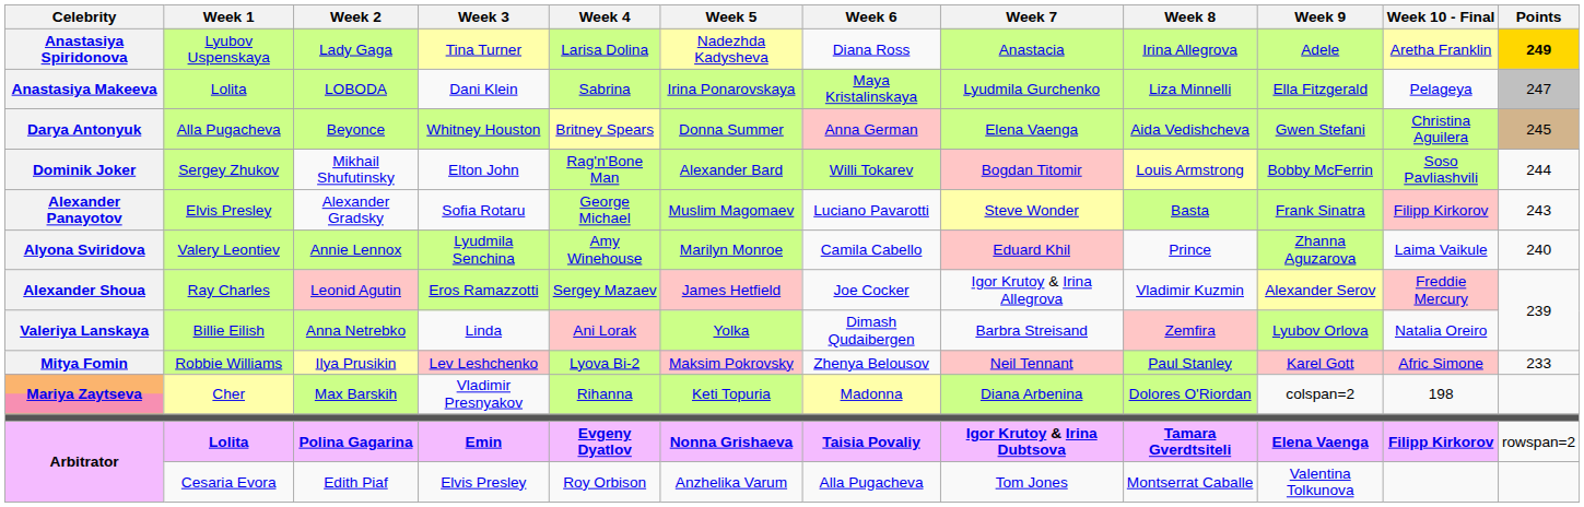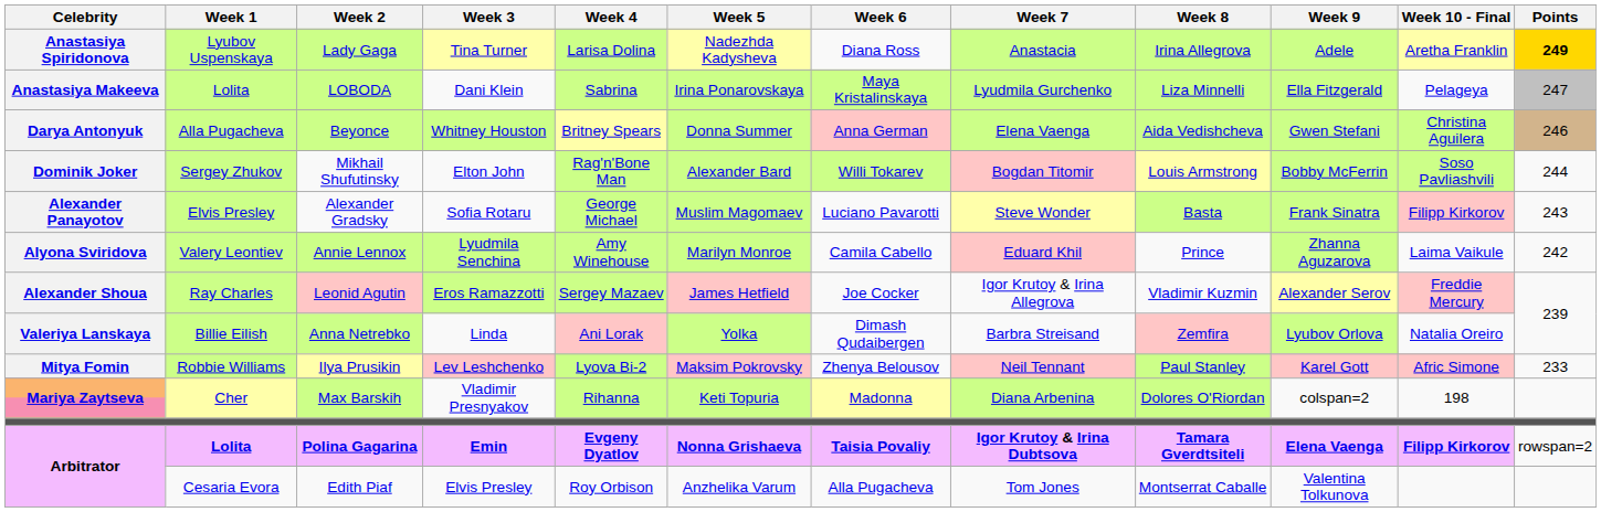 <table class="wikitable" style="text-align:center; font-size:90%; line-height:16px;" width="120%">
 <tr>
 <th>Celebrity</th>
 <th>Week 1</th>
 <th>Week 2</th>
 <th>Week 3</th>
 <th>Week 4</th>
 <th>Week 5</th>
 <th>Week 6</th>
 <th>Week 7</th>
 <th>Week 8</th>
 <th>Week 9</th>
 <th>Week 10 - Final</th>
 <th>Points</th>
 </tr>
 <tr>
 <th><a href='#'>Anastasiya Spiridonova</a></th>
 <td style="background:#ccff88;"><a href='#'>Lyubov Uspenskaya</a></td>
 <td style="background:#ccff88;"><a href='#'>Lady Gaga</a></td>
 <td style="background:#ffffaa;"><a href='#'>Tina Turner</a></td>
 <td style="background:#ccff88;"><a href='#'>Larisa Dolina</a></td>
 <td style="background:#ffffaa;"><a href='#'>Nadezhda Kadysheva</a></td>
 <td><a href='#'>Diana Ross</a></td>
 <td style="background:#ccff88;"><a href='#'>Anastacia</a></td>
 <td style="background:#ccff88;"><a href='#'>Irina Allegrova</a></td>
 <td style="background:#ccff88;"><a href='#'>Adele</a></td>
 <td style="background:#ffffaa;"><a href='#'>Aretha Franklin</a></td>
 <td style="background:gold;"><strong>249</strong></td>
 </tr>
 <tr>
 <th><a href='#'>Anastasiya Makeeva</a></th>
 <td style="background:#ccff88;"><a href='#'>Lolita</a></td>
 <td style="background:#ccff88;"><a href='#'>LOBODA</a></td>
 <td><a href='#'>Dani Klein</a></td>
 <td style="background:#ccff88;"><a href='#'>Sabrina</a></td>
 <td style="background:#ccff88;"><a href='#'>Irina Ponarovskaya</a></td>
 <td style="background:#ccff88;"><a href='#'>Maya Kristalinskaya</a></td>
 <td style="background:#ccff88;"><a href='#'>Lyudmila Gurchenko</a></td>
 <td style="background:#ccff88;"><a href='#'>Liza Minnelli</a></td>
 <td style="background:#ccff88;"><a href='#'>Ella Fitzgerald</a></td>
 <td><a href='#'>Pelageya</a></td>
 <td style="background:silver;">247</td>
 </tr>
 <tr>
 <th><a href='#'>Darya Antonyuk</a></th>
 <td style="background:#ccff88;"><a href='#'>Alla Pugacheva</a></td>
 <td style="background:#ccff88;"><a href='#'>Beyonce</a></td>
 <td style="background:#ccff88;"><a href='#'>Whitney Houston</a></td>
 <td style="background:#ffffaa;"><a href='#'>Britney Spears</a></td>
 <td style="background:#ccff88;"><a href='#'>Donna Summer</a></td>
 <td style="background:#ffc6c6;"><a href='#'>Anna German</a></td>
 <td style="background:#ccff88;"><a href='#'>Elena Vaenga</a></td>
 <td style="background:#ccff88;"><a href='#'>Aida Vedishcheva</a></td>
 <td style="background:#ccff88;"><a href='#'>Gwen Stefani</a></td>
 <td style="background:#ccff88;"><a href='#'>Christina Aguilera</a></td>
-<td style="background:tan;">245</td>
+<td style="background:tan;">246</td>
 </tr>
 <tr>
 <th><a href='#'>Dominik Joker</a></th>
 <td style="background:#ccff88;"><a href='#'>Sergey Zhukov</a></td>
 <td><a href='#'>Mikhail Shufutinsky</a></td>
 <td><a href='#'>Elton John</a></td>
 <td style="background:#ccff88;"><a href='#'>Rag'n'Bone Man</a></td>
 <td style="background:#ccff88;"><a href='#'>Alexander Bard</a></td>
 <td style="background:#ccff88;"><a href='#'>Willi Tokarev</a></td>
 <td style="background:#ffc6c6;"><a href='#'>Bogdan Titomir</a></td>
 <td style="background:#ffffaa;"><a href='#'>Louis Armstrong</a></td>
 <td style="background:#ccff88;"><a href='#'>Bobby McFerrin</a></td>
 <td style="background:#ccff88;"><a href='#'>Soso Pavliashvili</a></td>
 <td>244</td>
 </tr>
 <tr>
 <th><a href='#'>Alexander Panayotov</a></th>
 <td style="background:#ccff88;"><a href='#'>Elvis Presley</a></td>
 <td><a href='#'>Alexander Gradsky</a></td>
 <td><a href='#'>Sofia Rotaru</a></td>
 <td style="background:#ccff88;"><a href='#'>George Michael</a></td>
 <td style="background:#ccff88;"><a href='#'>Muslim Magomaev</a></td>
 <td><a href='#'>Luciano Pavarotti</a></td>
 <td style="background:#ffffaa;"><a href='#'>Steve Wonder</a></td>
 <td style="background:#ccff88;"><a href='#'>Basta</a></td>
 <td style="background:#ccff88;"><a href='#'>Frank Sinatra</a></td>
 <td style="background:#ffc6c6;"><a href='#'>Filipp Kirkorov</a></td>
 <td>243</td>
 </tr>
 <tr>
 <th><a href='#'>Alyona Sviridova</a></th>
 <td style="background:#ccff88;"><a href='#'>Valery Leontiev</a></td>
 <td style="background:#ccff88;"><a href='#'>Annie Lennox</a></td>
 <td style="background:#ccff88;"><a href='#'>Lyudmila Senchina</a></td>
 <td style="background:#ccff88;"><a href='#'>Amy Winehouse</a></td>
 <td style="background:#ccff88;"><a href='#'>Marilyn Monroe</a></td>
 <td><a href='#'>Camila Cabello</a></td>
 <td style="background:#ffc6c6;"><a href='#'>Eduard Khil</a></td>
 <td><a href='#'>Prince</a></td>
 <td style="background:#ccff88;"><a href='#'>Zhanna Aguzarova</a></td>
 <td><a href='#'>Laima Vaikule</a></td>
-<td>240</td>
+<td>242</td>
 </tr>
 <tr>
 <th><a href='#'>Alexander Shoua</a></th>
 <td style="background:#ccff88;"><a href='#'>Ray Charles</a></td>
 <td style="background:#ffc6c6;"><a href='#'>Leonid Agutin</a></td>
 <td style="background:#ccff88;"><a href='#'>Eros Ramazzotti</a></td>
 <td style="background:#ccff88;"><a href='#'>Sergey Mazaev</a></td>
 <td style="background:#ffc6c6;"><a href='#'>James Hetfield</a></td>
 <td><a href='#'>Joe Cocker</a></td>
 <td><a href='#'>Igor Krutoy</a> & <a href='#'>Irina Allegrova</a></td>
 <td><a href='#'>Vladimir Kuzmin</a></td>
 <td style="background:#ffffaa;"><a href='#'>Alexander Serov</a></td>
 <td style="background:#ffc6c6;"><a href='#'>Freddie Mercury</a></td>
 <td rowspan=2>239</td>
 </tr>
 <tr>
 <th><a href='#'>Valeriya Lanskaya</a></th>
 <td style="background:#ccff88;"><a href='#'>Billie Eilish</a></td>
 <td style="background:#ccff88;"><a href='#'>Anna Netrebko</a></td>
 <td><a href='#'>Linda</a></td>
 <td style="background:#ffc6c6;"><a href='#'>Ani Lorak</a></td>
 <td style="background:#ccff88;"><a href='#'>Yolka</a></td>
 <td><a href='#'>Dimash Qudaibergen</a></td>
 <td><a href='#'>Barbra Streisand</a></td>
 <td style="background:#ffc6c6;"><a href='#'>Zemfira</a></td>
 <td style="background:#ccff88;"><a href='#'>Lyubov Orlova</a></td>
 <td><a href='#'>Natalia Oreiro</a></td>
 </tr>
 <tr>
 <th><a href='#'>Mitya Fomin</a></th>
 <td style="background:#ccff88;"><a href='#'>Robbie Williams</a></td>
 <td style="background:#ffffaa;"><a href='#'>Ilya Prusikin</a></td>
 <td style="background:#ffc6c6;"><a href='#'>Lev Leshchenko</a></td>
 <td style="background:#ccff88;"><a href='#'>Lyova Bi-2</a></td>
 <td style="background:#ffc6c6;"><a href='#'>Maksim Pokrovsky</a></td>
 <td><a href='#'>Zhenya Belousov</a></td>
 <td style="background:#ffc6c6;"><a href='#'>Neil Tennant</a></td>
 <td style="background:#ccff88;"><a href='#'>Paul Stanley</a></td>
 <td style="background:#ffc6c6;"><a href='#'>Karel Gott</a></td>
 <td style="background:#ffc6c6;"><a href='#'>Afric Simone</a></td>
 <td>233</td>
 </tr>
 <tr>
 <th style="background-color:#b2ec5d;background:linear-gradient(to bottom,#fbb46e 50%,#f78fb2 50%)"><a href='#'>Mariya Zaytseva</a></th>
 <td style="background:#ffffaa;"><a href='#'>Cher</a></td>
 <td style="background:#ccff88;"><a href='#'>Max Barskih</a></td>
 <td><a href='#'>Vladimir Presnyakov</a></td>
 <td style="background:#ccff88;"><a href='#'>Rihanna</a></td>
 <td style="background:#ccff88;"><a href='#'>Keti Topuria</a></td>
 <td style="background:#ffffaa;"><a href='#'>Madonna</a></td>
 <td style="background:#ccff88;"><a href='#'>Diana Arbenina</a></td>
 <td style="background:#ccff88;"><a href='#'>Dolores O'Riordan</a></td>
 <td>colspan=2 </td>
 <td>198</td>
 </tr>
 <tr>
 <td colspan=16 style="background:#555555;"></td>
 </tr>
 <tr>
 <th rowspan=2 style="background:#f4bbff">Arbitrator</th>
 <th style="background:#f4bbff"><a href='#'>Lolita</a></th>
 <th style="background:#f4bbff"><a href='#'>Polina Gagarina</a></th>
 <th style="background:#f4bbff"><a href='#'>Emin</a></th>
 <th style="background:#f4bbff"><a href='#'>Evgeny Dyatlov</a></th>
 <th style="background:#f4bbff"><a href='#'>Nonna Grishaeva</a></th>
 <th style="background:#f4bbff"><a href='#'>Taisia Povaliy</a></th>
 <th style="background:#f4bbff"><a href='#'>Igor Krutoy</a> & <a href='#'>Irina Dubtsova</a></th>
 <th style="background:#f4bbff"><a href='#'>Tamara Gverdtsiteli</a></th>
 <th style="background:#f4bbff"><a href='#'>Elena Vaenga</a></th>
 <th style="background:#f4bbff"><a href='#'>Filipp Kirkorov</a></th>
 <td>rowspan=2 </td>
 </tr>
 <tr>
 <td><a href='#'>Cesaria Evora</a></td>
 <td><a href='#'>Edith Piaf</a></td>
 <td><a href='#'>Elvis Presley</a></td>
 <td><a href='#'>Roy Orbison</a></td>
 <td><a href='#'>Anzhelika Varum</a></td>
 <td><a href='#'>Alla Pugacheva</a></td>
 <td><a href='#'>Tom Jones</a></td>
 <td><a href='#'>Montserrat Caballe</a></td>
 <td><a href='#'>Valentina Tolkunova</a></td>
 <td></td>
 </tr>
 </table>
